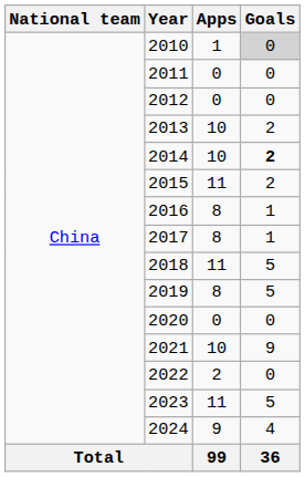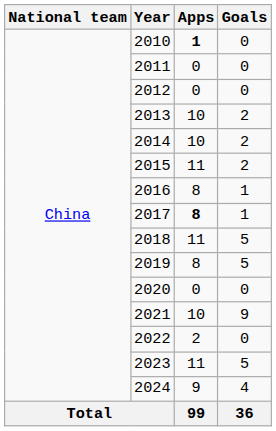 <table class="wikitable" style="text-align:center">
 <tr>
 <th>National team</th>
 <th>Year</th>
 <th>Apps</th>
 <th>Goals</th>
 </tr>
 <tr>
 <td rowspan="15"><a href='#'>China</a></td>
 <td>2010</td>
-<td>1</td>
-<td style="background: lightgrey;">0</td>
+<td><strong>1</strong></td>
+<td>0</td>
 </tr>
 <tr>
 <td>2011</td>
 <td>0</td>
 <td>0</td>
 </tr>
 <tr>
 <td>2012</td>
 <td>0</td>
 <td>0</td>
 </tr>
 <tr>
 <td>2013</td>
 <td>10</td>
 <td>2</td>
 </tr>
 <tr>
 <td>2014</td>
 <td>10</td>
-<td><strong>2</strong></td>
+<td>2</td>
 </tr>
 <tr>
 <td>2015</td>
 <td>11</td>
 <td>2</td>
 </tr>
 <tr>
 <td>2016</td>
 <td>8</td>
 <td>1</td>
 </tr>
 <tr>
 <td>2017</td>
-<td>8</td>
+<td><strong>8</strong></td>
 <td>1</td>
 </tr>
 <tr>
 <td>2018</td>
 <td>11</td>
 <td>5</td>
 </tr>
 <tr>
 <td>2019</td>
 <td>8</td>
 <td>5</td>
 </tr>
 <tr>
 <td>2020</td>
 <td>0</td>
 <td>0</td>
 </tr>
 <tr>
 <td>2021</td>
 <td>10</td>
 <td>9</td>
 </tr>
 <tr>
 <td>2022</td>
 <td>2</td>
 <td>0</td>
 </tr>
 <tr>
 <td>2023</td>
 <td>11</td>
 <td>5</td>
 </tr>
 <tr>
 <td>2024</td>
 <td>9</td>
 <td>4</td>
 </tr>
 <tr>
 <th colspan="2">Total</th>
 <th>99</th>
 <th>36</th>
 </tr>
 </table>
